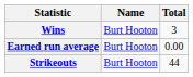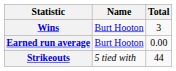 <table class="wikitable plainrowheaders">
 <tr>
 <th scope="col">Statistic</th>
 <th scope="col">Name</th>
 <th scope="col">Total</th>
 </tr>
 <tr>
 <th scope="row"><a href='#'>Wins</a></th>
 <td> <a href='#'>Burt Hooton</a></td>
 <td align=center>3</td>
 </tr>
 <tr>
 <th scope="row"><a href='#'>Earned run average</a></th>
 <td> <a href='#'>Burt Hooton</a></td>
 <td align=center>0.00</td>
 </tr>
 <tr>
 <th scope="row"><a href='#'>Strikeouts</a></th>
-<td> <a href='#'>Burt Hooton</a></td>
+<td><em>5 tied with</em></td>
 <td align=center>44</td>
 </tr>
 </table>
